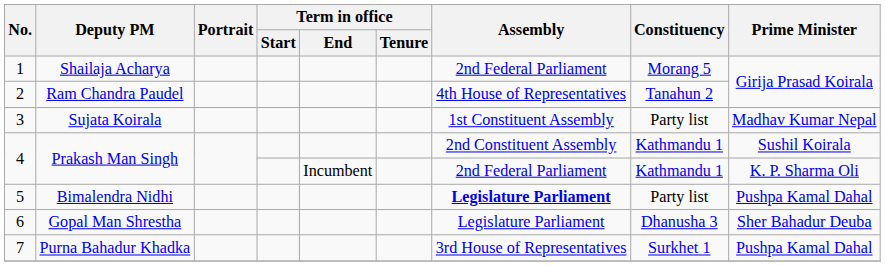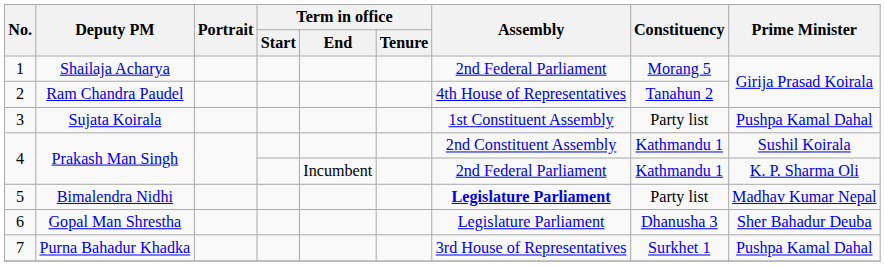 <table class="wikitable sortable" style="text-align: center;">
 <tr>
 <th rowspan="2" style="background:">No.</th>
 <th rowspan="2" style="background:">Deputy PM</th>
 <th rowspan="2" style="background:">Portrait</th>
 <th colspan="3" style="background:">Term in office</th>
 <th rowspan="2" style="background:">Assembly</th>
 <th rowspan="2" style="background:">Constituency</th>
 <th rowspan="2" style="background:">Prime Minister</th>
 </tr>
 <tr>
 <th style="background:">Start</th>
 <th style="background:">End</th>
 <th style="background:">Tenure</th>
 </tr>
 <tr>
 <td>1</td>
 <td><a href='#'>Shailaja Acharya</a></td>
 <td></td>
 <td></td>
 <td></td>
 <td></td>
 <td><a href='#'>2nd Federal Parliament</a></td>
 <td><a href='#'>Morang 5</a></td>
 <td rowspan="2"><a href='#'>Girija Prasad Koirala</a></td>
 </tr>
 <tr>
 <td>2</td>
 <td><a href='#'>Ram Chandra Paudel</a></td>
 <td></td>
 <td></td>
 <td></td>
 <td></td>
 <td><a href='#'>4th House of Representatives</a></td>
 <td><a href='#'>Tanahun 2</a></td>
 </tr>
 <tr>
 <td>3</td>
 <td><a href='#'>Sujata Koirala</a></td>
 <td></td>
 <td></td>
 <td></td>
 <td></td>
 <td><a href='#'>1st Constituent Assembly</a></td>
 <td>Party list</td>
-<td><a href='#'>Madhav Kumar Nepal</a></td>
+<td><a href='#'>Pushpa Kamal Dahal</a></td>
 </tr>
 <tr>
 <td rowspan="2">4</td>
 <td rowspan="2"><a href='#'>Prakash Man Singh</a></td>
 <td rowspan="2"></td>
 <td></td>
 <td></td>
 <td></td>
 <td><a href='#'>2nd Constituent Assembly</a></td>
 <td><a href='#'>Kathmandu 1</a></td>
 <td><a href='#'>Sushil Koirala</a></td>
 </tr>
 <tr>
 <td></td>
 <td>Incumbent</td>
 <td></td>
 <td><a href='#'>2nd Federal Parliament</a></td>
 <td><a href='#'>Kathmandu 1</a></td>
 <td><a href='#'>K. P. Sharma Oli</a></td>
 </tr>
 <tr>
 <td>5</td>
 <td><a href='#'>Bimalendra Nidhi</a></td>
 <td></td>
 <td></td>
 <td></td>
 <td></td>
 <td><strong><a href='#'>Legislature Parliament</a></strong></td>
 <td>Party list</td>
-<td><a href='#'>Pushpa Kamal Dahal</a></td>
+<td><a href='#'>Madhav Kumar Nepal</a></td>
 </tr>
 <tr>
 <td>6</td>
 <td><a href='#'>Gopal Man Shrestha</a></td>
 <td></td>
 <td></td>
 <td></td>
 <td></td>
 <td><a href='#'>Legislature Parliament</a></td>
 <td><a href='#'>Dhanusha 3</a></td>
 <td><a href='#'>Sher Bahadur Deuba</a></td>
 </tr>
 <tr>
 <td>7</td>
 <td><a href='#'>Purna Bahadur Khadka</a></td>
 <td></td>
 <td></td>
 <td></td>
 <td></td>
 <td><a href='#'>3rd House of Representatives</a></td>
 <td><a href='#'>Surkhet 1</a></td>
 <td><a href='#'>Pushpa Kamal Dahal</a></td>
 </tr>
 <tr>
 </tr>
 </table>
